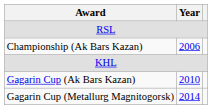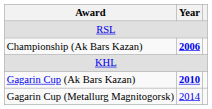 <table class="wikitable">
 <tr>
 <th>Award</th>
 <th>Year</th>
 <th></th>
 </tr>
 <tr ALIGN="center" bgcolor="#e0e0e0">
 <td colspan="3"><a href='#'>RSL</a></td>
 </tr>
 <tr>
 <td>Championship (Ak Bars Kazan)</td>
-<td><a href='#'>2006</a></td>
+<td><strong><a href='#'>2006</a></strong></td>
 <td></td>
 </tr>
 <tr ALIGN="center" bgcolor="#e0e0e0">
 <td colspan="3"><a href='#'>KHL</a></td>
 </tr>
 <tr>
 <td><a href='#'>Gagarin Cup</a> (Ak Bars Kazan)</td>
-<td><a href='#'>2010</a></td>
+<td><strong><a href='#'>2010</a></strong></td>
 <td></td>
 </tr>
 <tr>
 <td>Gagarin Cup (Metallurg Magnitogorsk)</td>
 <td><a href='#'>2014</a></td>
 <td></td>
 </tr>
 </table>
